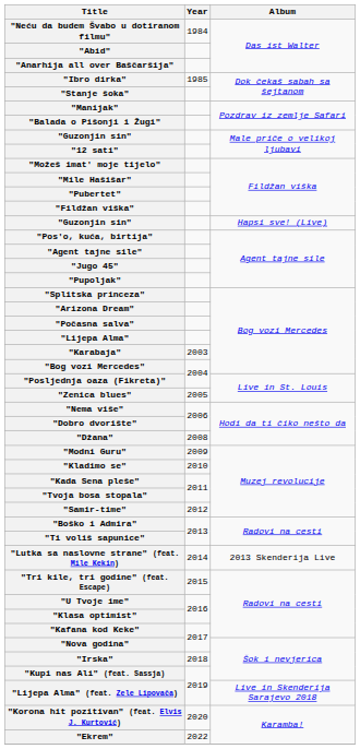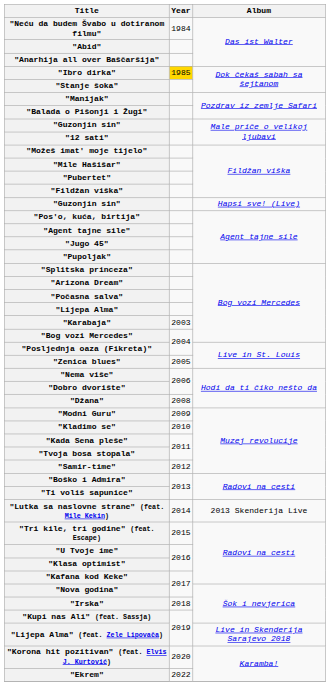 <table class="wikitable plainrowheaders" style="text-align:center;">
 <tr>
 <th scope="col" style="width:20em;">Title</th>
 <th scope="col">Year</th>
 <th scope="col" style="width:16em;">Album</th>
 </tr>
 <tr>
 <th scope="row">"Neću da budem Švabo u dotiranom filmu"</th>
 <td>1984</td>
 <td rowspan="3"><em><a href='#'>Das ist Walter</a></em></td>
 </tr>
 <tr>
 <th scope="row">"Abid"</th>
 <td></td>
 </tr>
 <tr>
 <th scope="row">"Anarhija all over Baščaršija"</th>
 <td></td>
 </tr>
 <tr>
 <th scope="row">"Ibro dirka"</th>
-<td>1985</td>
+<td style="background: gold;">1985</td>
 <td rowspan="2"><em><a href='#'>Dok čekaš sabah sa šejtanom</a></em></td>
 </tr>
 <tr>
 <th scope="row">"Stanje šoka"</th>
 <td></td>
 </tr>
 <tr>
 <th scope="row">"Manijak"</th>
 <td></td>
 <td rowspan="2"><em><a href='#'>Pozdrav iz zemlje Safari</a></em></td>
 </tr>
 <tr>
 <th scope="row">"Balada o Pišonji i Žugi"</th>
 <td></td>
 </tr>
 <tr>
 <th scope="row">"Guzonjin sin"</th>
 <td></td>
 <td rowspan="2"><em><a href='#'>Male priče o velikoj ljubavi</a></em></td>
 </tr>
 <tr>
 <th scope="row">"12 sati"</th>
 <td></td>
 </tr>
 <tr>
 <th scope="row">"Možeš imat' moje tijelo"</th>
 <td></td>
 <td rowspan="4"><em><a href='#'>Fildžan viška</a></em></td>
 </tr>
 <tr>
 <th scope="row">"Mile Hašišar"</th>
 <td></td>
 </tr>
 <tr>
 <th scope="row">"Pubertet"</th>
 <td></td>
 </tr>
 <tr>
 <th scope="row">"Fildžan viška"</th>
 <td></td>
 </tr>
 <tr>
 <th scope="row">"Guzonjin sin"</th>
 <td></td>
 <td><em><a href='#'>Hapsi sve! (Live)</a></em></td>
 </tr>
 <tr>
 <th scope="row">"Pos'o, kuća, birtija"</th>
 <td></td>
 <td rowspan="4"><em><a href='#'>Agent tajne sile</a></em></td>
 </tr>
 <tr>
 <th scope="row">"Agent tajne sile"</th>
 <td></td>
 </tr>
 <tr>
 <th scope="row">"Jugo 45"</th>
 <td></td>
 </tr>
 <tr>
 <th scope="row">"Pupoljak"</th>
 <td></td>
 </tr>
 <tr>
 <th scope="row">"Splitska princeza"</th>
 <td></td>
 <td rowspan="6"><em><a href='#'>Bog vozi Mercedes</a></em></td>
 </tr>
 <tr>
 <th scope="row">"Arizona Dream"</th>
 <td></td>
 </tr>
 <tr>
 <th scope="row">"Počasna salva"</th>
 <td></td>
 </tr>
 <tr>
 <th scope="row">"Lijepa Alma"</th>
 <td></td>
 </tr>
 <tr>
 <th scope="row">"Karabaja"</th>
 <td>2003</td>
 </tr>
 <tr>
 <th scope="row">"Bog vozi Mercedes"</th>
 <td rowspan="2">2004</td>
 </tr>
 <tr>
 <th scope="row">"Posljednja oaza (Fikreta)"</th>
 <td rowspan="2"><em><a href='#'>Live in St. Louis</a></em></td>
 </tr>
 <tr>
 <th scope="row">"Zenica blues"</th>
 <td>2005</td>
 </tr>
 <tr>
 <th scope="row">"Nema više"</th>
 <td rowspan="2">2006</td>
 <td rowspan="3"><em><a href='#'>Hodi da ti čiko nešto da</a></em></td>
 </tr>
 <tr>
 <th scope="row">"Dobro dvorište"</th>
 </tr>
 <tr>
 <th scope="row">"Džana"</th>
 <td>2008</td>
 </tr>
 <tr>
 <th scope="row">"Modni Guru"</th>
 <td>2009</td>
 <td rowspan="5"><em><a href='#'>Muzej revolucije</a></em></td>
 </tr>
 <tr>
 <th scope="row">"Kladimo se"</th>
 <td>2010</td>
 </tr>
 <tr>
 <th scope="row">"Kada Sena pleše"</th>
 <td rowspan="2">2011</td>
 </tr>
 <tr>
 <th scope="row">"Tvoja bosa stopala"</th>
 </tr>
 <tr>
 <th scope="row">"Samir-time"</th>
 <td>2012</td>
 </tr>
 <tr>
 <th scope="row">"Boško i Admira"</th>
 <td rowspan="2">2013</td>
 <td rowspan="2"><em><a href='#'>Radovi na cesti</a></em></td>
 </tr>
 <tr>
 <th scope="row">"Ti voliš sapunice"</th>
 </tr>
 <tr>
 <th scope="row">"Lutka sa naslovne strane" <small>(feat. <a href='#'>Mile Kekin</a>)</small></th>
 <td>2014</td>
 <td>2013 Skenderija Live</td>
 </tr>
 <tr>
 <th scope="row">"Tri kile, tri godine" <small>(feat. Escape)</small></th>
 <td>2015</td>
 <td rowspan="4"><em><a href='#'>Radovi na cesti</a></em></td>
 </tr>
 <tr>
 <th scope="row">"U Tvoje ime"</th>
 <td rowspan="2">2016</td>
 </tr>
 <tr>
 <th scope="row">"Klasa optimist"</th>
 </tr>
 <tr>
 <th scope="row">"Kafana kod Keke"</th>
 <td rowspan="2">2017</td>
 </tr>
 <tr>
 <th scope="row">"Nova godina"</th>
 <td rowspan="3"><em><a href='#'>Šok i nevjerica</a></em></td>
 </tr>
 <tr>
 <th scope="row">"Irska"</th>
 <td>2018</td>
 </tr>
 <tr>
 <th scope="row">"Kupi nas Ali" <small>(feat. Sassja)</small></th>
 <td rowspan="2">2019</td>
 </tr>
 <tr>
 <th scope="row">"Lijepa Alma" <small>(feat. <a href='#'>Zele Lipovača</a>)</small></th>
 <td><em><a href='#'>Live in Skenderija Sarajevo 2018</a></em></td>
 </tr>
 <tr>
 <th scope="row">"Korona hit pozitivan" <small>(feat. <a href='#'>Elvis J. Kurtović</a>)</small></th>
 <td>2020</td>
 <td rowspan="2"><em><a href='#'>Karamba!</a></em></td>
 </tr>
 <tr>
 <th scope="row">"Ekrem"</th>
 <td>2022</td>
 </tr>
 <tr>
 </tr>
 </table>
